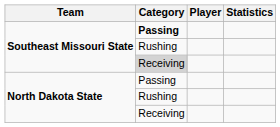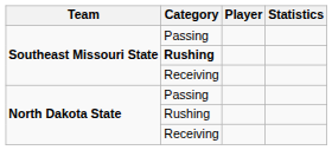 <table class="wikitable" style="float: right;">
 <tr>
 <th>Team</th>
 <th>Category</th>
 <th>Player</th>
 <th>Statistics</th>
 </tr>
 <tr>
 <td rowspan=3><strong>Southeast Missouri State</strong></td>
-<td><strong>Passing</strong></td>
+<td>Passing</td>
 <td></td>
 <td></td>
 </tr>
 <tr>
-<td>Rushing</td>
+<td><strong>Rushing</strong></td>
 <td></td>
 <td></td>
 </tr>
 <tr>
-<td style="background: lightgrey;">Receiving</td>
+<td>Receiving</td>
 <td></td>
 <td></td>
 </tr>
 <tr>
 <td rowspan=3><strong>North Dakota State</strong></td>
 <td>Passing</td>
 <td></td>
 <td></td>
 </tr>
 <tr>
 <td>Rushing</td>
 <td></td>
 <td></td>
 </tr>
 <tr>
 <td>Receiving</td>
 <td></td>
 <td></td>
 </tr>
 </table>
